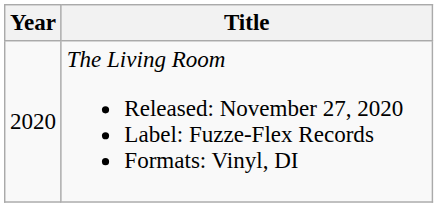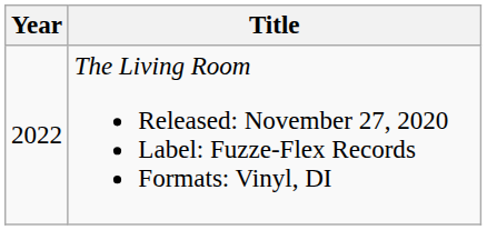 <table class="wikitable">
 <tr>
 <th>Year</th>
 <th Width="250">Title</th>
 </tr>
 <tr>
-<td>2020</td>
+<td>2022</td>
 <td><em>The Living Room</em><br><ul><li>Released: November 27, 2020</li><li>Label: Fuzze-Flex Records</li><li>Formats: Vinyl, DI</li></ul></td>
 </tr>
 </table>
